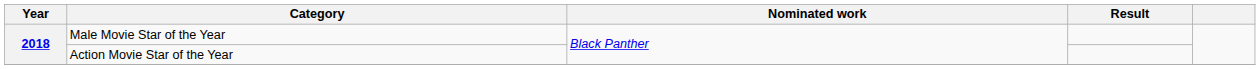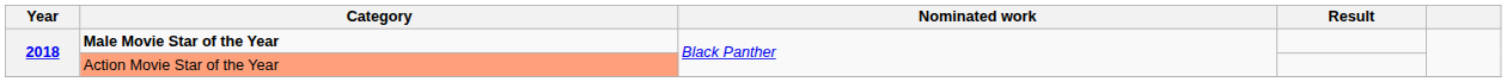 <table class="wikitable plainrowheaders" style="width:100%;">
 <tr>
 <th scope="col" style="width:5%;">Year</th>
 <th scope="col" style="width:40%;">Category</th>
 <th scope="col" style="width:40%;">Nominated work</th>
 <th scope="col" style="width:10%;">Result</th>
 <th scope="col" style="width:5%;"></th>
 </tr>
 <tr>
 <th scope="row" style="text-align:center;" rowspan="2"><a href='#'>2018</a></th>
-<td>Male Movie Star of the Year</td>
+<td><strong>Male Movie Star of the Year</strong></td>
 <td rowspan="2"><em><a href='#'>Black Panther</a></em></td>
 <td></td>
 <td rowspan="2" style="text-align:center;"></td>
 </tr>
 <tr>
-<td>Action Movie Star of the Year</td>
+<td style="background: lightsalmon;">Action Movie Star of the Year</td>
 <td></td>
 </tr>
 <tr>
 </tr>
 </table>
